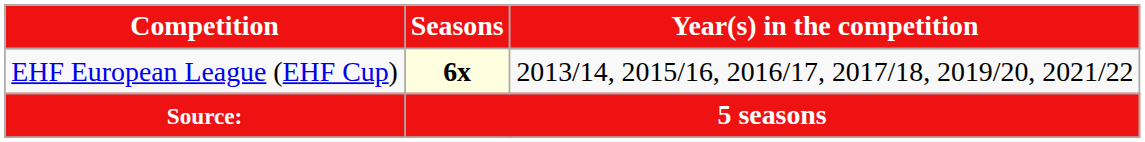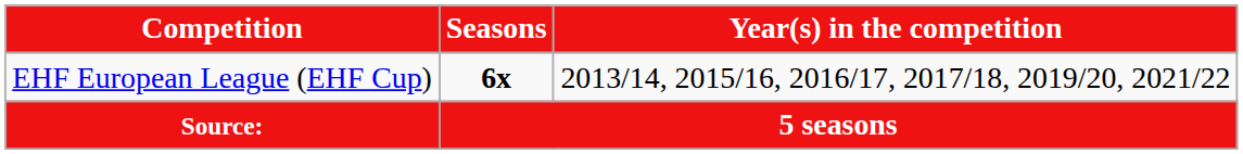 <table class="wikitable" style="text-align: center">
 <tr>
 <th style="color:white; background:#EE1212">Competition</th>
 <th style="color:white; background:#EE1212">Seasons</th>
 <th style="color:white; background:#EE1212">Year(s) in the competition</th>
 </tr>
 <tr>
 <td align=left><a href='#'>EHF European League</a> (<a href='#'>EHF Cup</a>)</td>
-<td style="background: lightyellow;"><strong>6x</strong></td>
+<td><strong>6x</strong></td>
 <td>2013/14, 2015/16, 2016/17, 2017/18, 2019/20, 2021/22</td>
 </tr>
 <tr>
 <th style="color:white; background:#EE1212"><small>Source: </small></th>
 <th colspan="2" ! style="color:white; background:#EE1212">5 seasons </th>
 </tr>
 </table>
